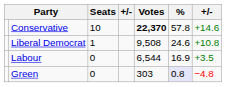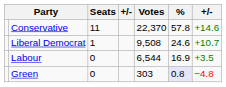 <table class="wikitable">
 <tr>
 <th colspan="2">Party</th>
 <th>Seats</th>
 <th>+/-</th>
 <th>Votes</th>
 <th>%</th>
 <th>+/-</th>
 </tr>
 <tr>
 <td style="background-color: "></td>
 <td><a href='#'>Conservative</a></td>
-<td>10</td>
+<td>11</td>
 <td></td>
-<td><strong>22,370</strong></td>
+<td>22,370</td>
 <td>57.8</td>
 <td style="color:green">+14.6</td>
 </tr>
 <tr>
 <td style="background-color: "></td>
 <td><a href='#'>Liberal Democrat</a></td>
 <td>1</td>
 <td></td>
 <td>9,508</td>
 <td>24.6</td>
-<td style="color:green">+10.8</td>
+<td style="color:green">+10.7</td>
 </tr>
 <tr>
 <td style="background-color: "></td>
 <td><a href='#'>Labour</a></td>
 <td>0</td>
 <td></td>
 <td>6,544</td>
 <td>16.9</td>
 <td style="color:green">+3.5</td>
 </tr>
 <tr>
 <td style="background-color: "></td>
 <td><a href='#'>Green</a></td>
 <td>0</td>
 <td></td>
 <td>303</td>
 <td style="background: lavender;">0.8</td>
 <td style="color:red">−4.8</td>
 </tr>
 </table>
